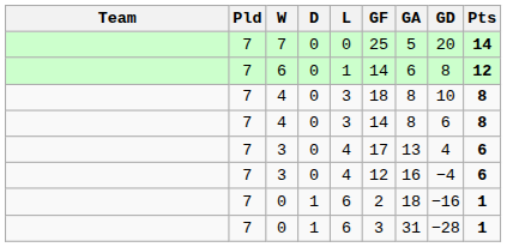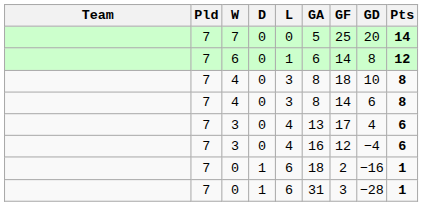 <table class="wikitable" style="text-align: center;">
 <tr>
 <th width=175>Team</th>
 <th width=20>Pld</th>
 <th width=20>W</th>
 <th width=20>D</th>
 <th width=20>L</th>
+<th width=20>GA</th>
 <th width=20>GF</th>
-<th width=20>GA</th>
 <th width=20>GD</th>
 <th width=20>Pts</th>
 </tr>
 <tr bgcolor=ccffcc>
 <td style="text-align:left;"></td>
 <td>7</td>
 <td>7</td>
 <td>0</td>
 <td>0</td>
+<td>5</td>
 <td>25</td>
-<td>5</td>
 <td>20</td>
 <td><strong>14</strong></td>
 </tr>
 <tr bgcolor=ccffcc>
 <td style="text-align:left;"></td>
 <td>7</td>
 <td>6</td>
 <td>0</td>
 <td>1</td>
+<td>6</td>
 <td>14</td>
-<td>6</td>
 <td>8</td>
 <td><strong>12</strong></td>
 </tr>
 <tr>
 <td style="text-align:left;"></td>
 <td>7</td>
 <td>4</td>
 <td>0</td>
 <td>3</td>
+<td>8</td>
 <td>18</td>
-<td>8</td>
 <td>10</td>
 <td><strong>8</strong></td>
 </tr>
 <tr>
 <td style="text-align:left;"></td>
 <td>7</td>
 <td>4</td>
 <td>0</td>
 <td>3</td>
+<td>8</td>
 <td>14</td>
-<td>8</td>
 <td>6</td>
 <td><strong>8</strong></td>
 </tr>
 <tr>
 <td style="text-align:left;"></td>
 <td>7</td>
 <td>3</td>
 <td>0</td>
 <td>4</td>
+<td>13</td>
 <td>17</td>
-<td>13</td>
 <td>4</td>
 <td><strong>6</strong></td>
 </tr>
 <tr>
 <td style="text-align:left;"></td>
 <td>7</td>
 <td>3</td>
 <td>0</td>
 <td>4</td>
+<td>16</td>
 <td>12</td>
-<td>16</td>
 <td>−4</td>
 <td><strong>6</strong></td>
 </tr>
 <tr>
 <td style="text-align:left;"></td>
 <td>7</td>
 <td>0</td>
 <td>1</td>
 <td>6</td>
+<td>18</td>
 <td>2</td>
-<td>18</td>
 <td>−16</td>
 <td><strong>1</strong></td>
 </tr>
 <tr>
 <td style="text-align:left;"></td>
 <td>7</td>
 <td>0</td>
 <td>1</td>
 <td>6</td>
+<td>31</td>
 <td>3</td>
-<td>31</td>
 <td>−28</td>
 <td><strong>1</strong></td>
 </tr>
 </table>
